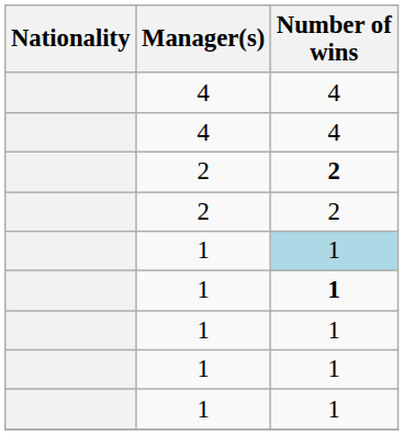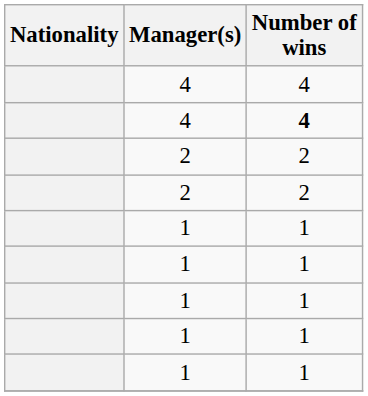 <table class="wikitable plainrowheaders">
 <tr>
 <th scope="col">Nationality</th>
 <th scope="col">Manager(s)</th>
 <th scope="col">Number of<br>wins</th>
 </tr>
 <tr>
 <th scope="row"></th>
 <td style="text-align: center;">4</td>
 <td style="text-align: center;">4</td>
 </tr>
 <tr>
 <th scope="row"></th>
 <td style="text-align: center;">4</td>
-<td style="text-align: center;">4</td>
+<td style="text-align: center;"><strong>4</strong></td>
 </tr>
 <tr>
 <th scope="row"></th>
 <td style="text-align: center;">2</td>
-<td style="text-align: center;"><strong>2</strong></td>
+<td style="text-align: center;">2</td>
 </tr>
 <tr>
 <th scope="row"></th>
 <td style="text-align: center;">2</td>
 <td style="text-align: center;">2</td>
 </tr>
 <tr>
 <th scope="row"></th>
 <td style="text-align: center;">1</td>
-<td style="background: lightblue; text-align: center;">1</td>
+<td style="text-align: center;">1</td>
 </tr>
 <tr>
 <th scope="row"></th>
 <td style="text-align: center;">1</td>
-<td style="text-align: center;"><strong>1</strong></td>
+<td style="text-align: center;">1</td>
 </tr>
 <tr>
 <th scope="row"></th>
 <td style="text-align: center;">1</td>
 <td style="text-align: center;">1</td>
 </tr>
 <tr>
 <th scope="row"></th>
 <td style="text-align: center;">1</td>
 <td style="text-align: center;">1</td>
 </tr>
 <tr>
 <th scope="row"></th>
 <td style="text-align: center;">1</td>
 <td style="text-align: center;">1</td>
 </tr>
 <tr>
 </tr>
 </table>
